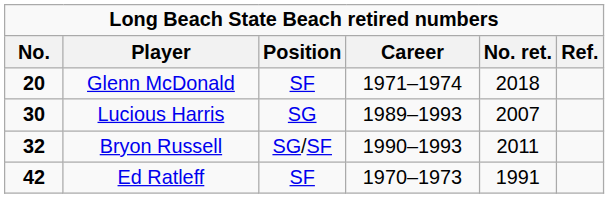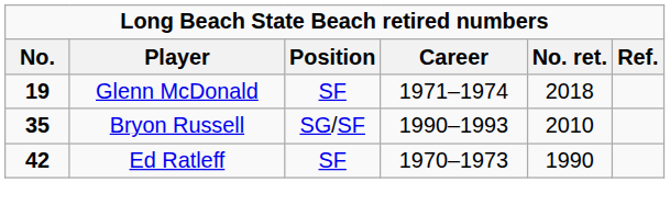 <table class="wikitable sortable" style="text-align:center">
 <tr>
 <td colspan=6><strong>Long Beach State Beach retired numbers</strong></td>
 </tr>
 <tr>
 <th width=40px>No.</th>
 <th width=150px>Player</th>
 <th width=40px>Position</th>
 <th width=100px>Career</th>
 <th width=px>No. ret.</th>
 <th width=px>Ref.</th>
 </tr>
 <tr>
-<td><strong>20</strong></td>
+<td><strong>19</strong></td>
 <td><a href='#'>Glenn McDonald</a></td>
 <td><a href='#'>SF</a></td>
 <td>1971–1974</td>
 <td>2018</td>
 <td></td>
 </tr>
 <tr>
-<td><strong>30</strong></td>
-<td><a href='#'>Lucious Harris</a></td>
-<td><a href='#'>SG</a></td>
-<td>1989–1993</td>
-<td>2007</td>
-<td></td>
-</tr>
-<tr>
-<td><strong>32</strong></td>
+<td><strong>35</strong></td>
 <td><a href='#'>Bryon Russell</a></td>
 <td><a href='#'>SG</a>/<a href='#'>SF</a></td>
 <td>1990–1993</td>
-<td>2011</td>
+<td>2010</td>
 <td></td>
 </tr>
 <tr>
 <td><strong>42</strong></td>
 <td><a href='#'>Ed Ratleff</a></td>
 <td><a href='#'>SF</a></td>
 <td>1970–1973</td>
-<td>1991</td>
+<td>1990</td>
 <td></td>
 </tr>
 </table>
